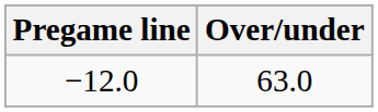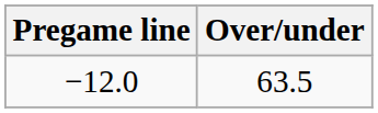 <table class="wikitable" style="margin-left: auto; margin-right: auto; border: none; display: inline-table;">
 <tr style="text-align:center">
 <th style=>Pregame line</th>
 <th style=>Over/under</th>
 </tr>
 <tr style="text-align:center">
 <td>−12.0</td>
-<td>63.0</td>
+<td>63.5</td>
 </tr>
 </table>
